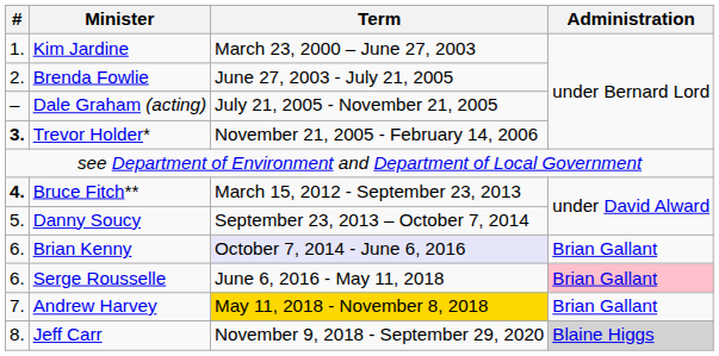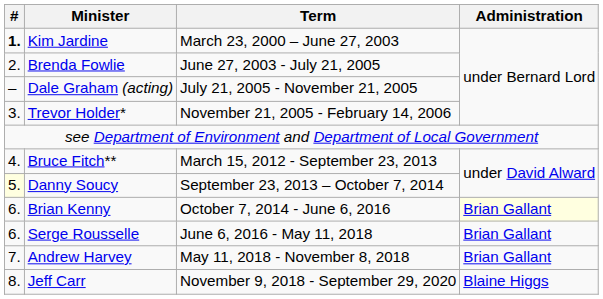 <table class="wikitable">
 <tr>
 <th>#</th>
 <th>Minister</th>
 <th>Term</th>
 <th>Administration</th>
 </tr>
 <tr>
-<td>1.</td>
+<td><strong>1.</strong></td>
 <td><a href='#'>Kim Jardine</a></td>
 <td>March 23, 2000 – June 27, 2003</td>
 <td rowspan=4>under Bernard Lord</td>
 </tr>
 <tr>
 <td>2.</td>
 <td><a href='#'>Brenda Fowlie</a></td>
 <td>June 27, 2003 - July 21, 2005</td>
 </tr>
 <tr>
 <td>–</td>
 <td><a href='#'>Dale Graham</a> <em>(acting)</em></td>
 <td>July 21, 2005 - November 21, 2005</td>
 </tr>
 <tr>
-<td><strong>3.</strong></td>
+<td>3.</td>
 <td><a href='#'>Trevor Holder</a>*</td>
 <td>November 21, 2005 - February 14, 2006</td>
 </tr>
 <tr>
 <td colspan="4" style="text-align:center;"><em>see <a href='#'>Department of Environment</a> and <a href='#'>Department of Local Government</a></em></td>
 </tr>
 <tr>
-<td><strong>4.</strong></td>
+<td>4.</td>
 <td><a href='#'>Bruce Fitch</a>**</td>
 <td>March 15, 2012 - September 23, 2013</td>
 <td rowspan=2>under <a href='#'>David Alward</a></td>
 </tr>
 <tr>
-<td>5.</td>
+<td style="background: lightyellow;">5.</td>
 <td><a href='#'>Danny Soucy</a></td>
 <td>September 23, 2013 – October 7, 2014</td>
 </tr>
 <tr>
 <td>6.</td>
 <td><a href='#'>Brian Kenny</a></td>
-<td style="background: lavender;">October 7, 2014 - June 6, 2016</td>
-<td><a href='#'>Brian Gallant</a></td>
+<td>October 7, 2014 - June 6, 2016</td>
+<td style="background: lightyellow;"><a href='#'>Brian Gallant</a></td>
 </tr>
 <tr>
 <td>6.</td>
 <td><a href='#'>Serge Rousselle</a></td>
 <td>June 6, 2016 - May 11, 2018</td>
-<td style="background: pink;"><a href='#'>Brian Gallant</a></td>
+<td><a href='#'>Brian Gallant</a></td>
 </tr>
 <tr>
 <td>7.</td>
 <td><a href='#'>Andrew Harvey</a></td>
-<td style="background: gold;">May 11, 2018 - November 8, 2018</td>
+<td>May 11, 2018 - November 8, 2018</td>
 <td><a href='#'>Brian Gallant</a></td>
 </tr>
 <tr>
 <td>8.</td>
 <td><a href='#'>Jeff Carr</a></td>
 <td>November 9, 2018 - September 29, 2020</td>
-<td style="background: lightgrey;"><a href='#'>Blaine Higgs</a></td>
+<td><a href='#'>Blaine Higgs</a></td>
 </tr>
 </table>
